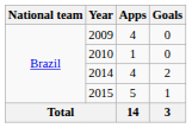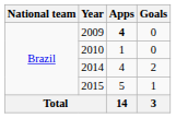 <table class="wikitable" style="text-align:center">
 <tr>
 <th>National team</th>
 <th>Year</th>
 <th>Apps</th>
 <th>Goals</th>
 </tr>
 <tr>
 <td rowspan="4"><a href='#'>Brazil</a></td>
 <td>2009</td>
-<td>4</td>
+<td><strong>4</strong></td>
 <td>0</td>
 </tr>
 <tr>
 <td>2010</td>
 <td>1</td>
 <td>0</td>
 </tr>
 <tr>
 <td>2014</td>
 <td>4</td>
 <td>2</td>
 </tr>
 <tr>
 <td>2015</td>
 <td>5</td>
 <td>1</td>
 </tr>
 <tr>
 <th colspan="2">Total</th>
 <th>14</th>
 <th>3</th>
 </tr>
 </table>
